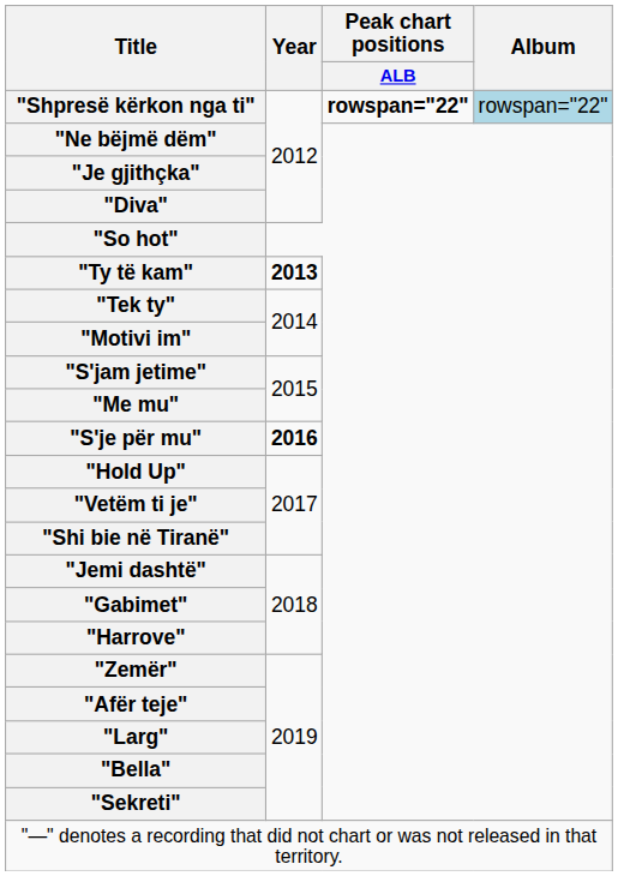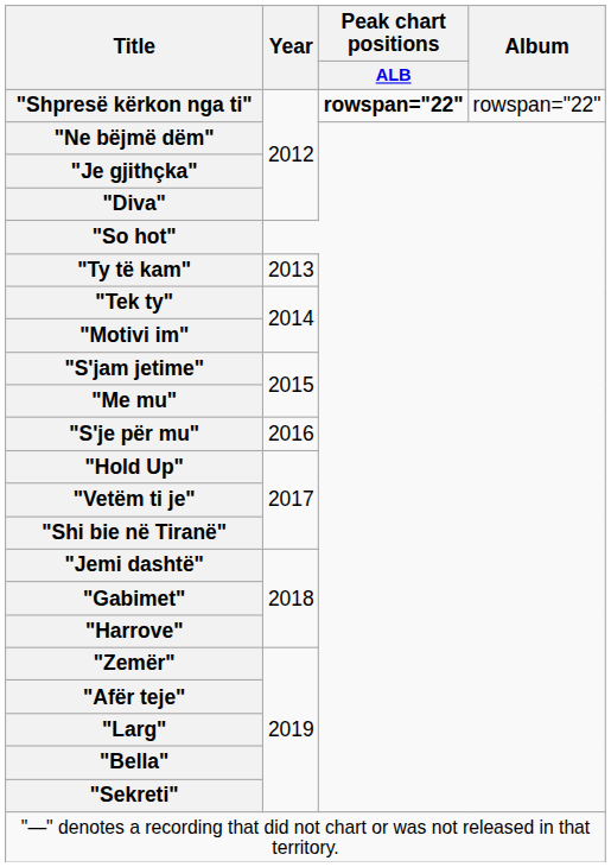 <table class="wikitable plainrowheaders" style="text-align:center;">
 <tr>
 <th scope="col" rowspan="2" style="width:12em;">Title</th>
 <th scope="col" rowspan="2" style="width:2em;">Year</th>
 <th scope="col" colspan="1">Peak chart positions</th>
 <th scope="col" rowspan="2" style="width:5em;">Album</th>
 </tr>
 <tr>
 <th style="width:40px; font-size:smaller;"><a href='#'>ALB</a></th>
 </tr>
 <tr>
 <th scope="row">"Shpresë kërkon nga ti"</th>
 <td rowspan="4">2012</td>
 <td><strong>rowspan="22" </strong></td>
-<td style="background: lightblue;">rowspan="22" </td>
+<td>rowspan="22" </td>
 </tr>
 <tr>
 <th scope="row">"Ne bëjmë dëm"<br></th>
 </tr>
 <tr>
 <th scope="row">"Je gjithçka"<br></th>
 </tr>
 <tr>
 <th scope="row">"Diva"<br></th>
 </tr>
 <tr>
 <th scope="row">"So hot"<br></th>
 </tr>
 <tr>
 <th scope="row">"Ty të kam"</th>
-<td rowspan="1"><strong>2013</strong></td>
+<td rowspan="1">2013</td>
 </tr>
 <tr>
 <th scope="row">"Tek ty"</th>
 <td rowspan="2">2014</td>
 </tr>
 <tr>
 <th scope="row">"Motivi im"</th>
 </tr>
 <tr>
 <th scope="row">"S'jam jetime"<br></th>
 <td rowspan="2">2015</td>
 </tr>
 <tr>
 <th scope="row">"Me mu"<br></th>
 </tr>
 <tr>
 <th scope="row">"S'je për mu"</th>
-<td rowspan="1"><strong>2016</strong></td>
+<td rowspan="1">2016</td>
 </tr>
 <tr>
 <th scope="row">"Hold Up"<br></th>
 <td rowspan="3">2017</td>
 </tr>
 <tr>
 <th scope="row">"Vetëm ti je"<br></th>
 </tr>
 <tr>
 <th scope="row">"Shi bie në Tiranë"<br></th>
 </tr>
 <tr>
 <th scope="row">"Jemi dashtë"</th>
 <td rowspan="3">2018</td>
 </tr>
 <tr>
 <th scope="row">"Gabimet"<br></th>
 </tr>
 <tr>
 <th scope="row">"Harrove"<br></th>
 </tr>
 <tr>
 <th scope="row">"Zemër"<br></th>
 <td rowspan="5">2019</td>
 </tr>
 <tr>
 <th scope="row">"Afër teje"<br></th>
 </tr>
 <tr>
 <th scope="row">"Larg"<br></th>
 </tr>
 <tr>
 <th scope="row">"Bella"<br></th>
 </tr>
 <tr>
 <th scope="row">"Sekreti"</th>
 </tr>
 <tr>
 <td colspan="11" style="font-size:90%">"—" denotes a recording that did not chart or was not released in that territory.</td>
 </tr>
 </table>
